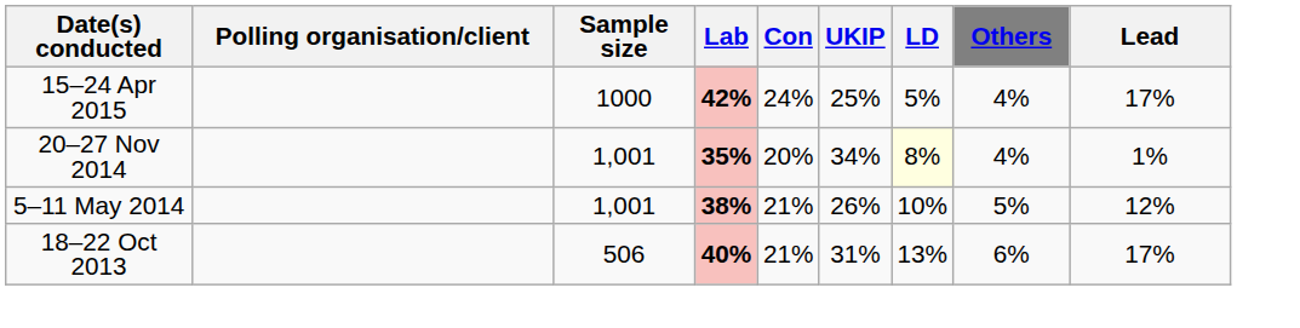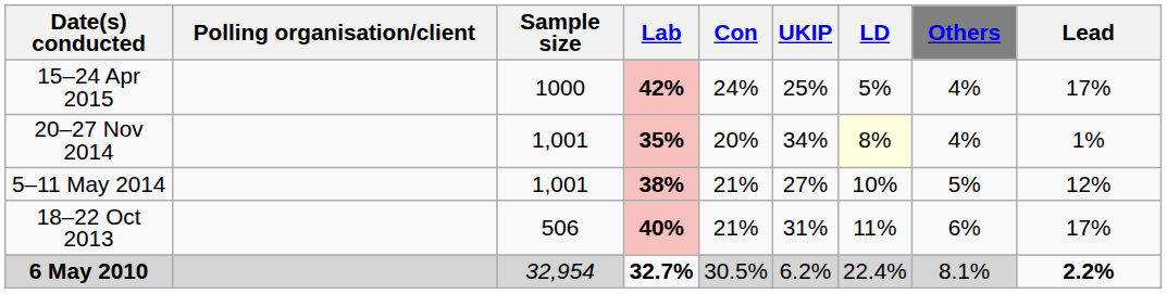 <table class="wikitable sortable" style="text-align:center;font-size:90%;line-height:14px">
 <tr>
 <th ! style="width:100px;">Date(s)<br>conducted</th>
 <th style="width:200px;">Polling organisation/client</th>
 <th class="unsortable" style="width:75px;">Sample size</th>
 <th class="unsortable" style="background:"><a href='#'><span>Lab</span></a></th>
 <th class="unsortable" style="background:"><a href='#'><span>Con</span></a></th>
 <th class="unsortable" style="background:"><a href='#'><span>UKIP</span></a></th>
 <th class="unsortable" style="background:"><a href='#'><span>LD</span></a></th>
 <th class="unsortable" style="background:gray; width:60px;"><a href='#'><span>Others</span></a></th>
 <th class="unsortable" style="width:85px;">Lead</th>
 </tr>
 <tr>
 <td>15–24 Apr 2015</td>
 <td></td>
 <td>1000</td>
 <td style="background:#F8C1BE"><strong>42%</strong></td>
 <td>24%</td>
 <td>25%</td>
 <td>5%</td>
 <td>4%</td>
 <td style="background:">17%</td>
 </tr>
 <tr>
 <td>20–27 Nov 2014</td>
 <td></td>
 <td>1,001</td>
 <td style="background:#F8C1BE"><strong>35%</strong></td>
 <td>20%</td>
 <td>34%</td>
 <td style="background: lightyellow;">8%</td>
 <td>4%</td>
 <td style="background:">1%</td>
 </tr>
 <tr>
 <td>5–11 May 2014</td>
 <td></td>
 <td>1,001</td>
 <td style="background:#F8C1BE"><strong>38%</strong></td>
 <td>21%</td>
-<td>26%</td>
+<td>27%</td>
 <td>10%</td>
 <td>5%</td>
 <td style="background:">12%</td>
 </tr>
 <tr>
 <td>18–22 Oct 2013</td>
 <td></td>
 <td>506</td>
 <td style="background:#F8C1BE"><strong>40%</strong></td>
 <td>21%</td>
 <td>31%</td>
-<td>13%</td>
+<td>11%</td>
 <td>6%</td>
 <td style="background:">17%</td>
 </tr>
+<tr>
+<td style="background:#D5D5D5"><strong>6 May 2010</strong></td>
+<td style="background:#D5D5D5"></td>
+<td style="background:#D5D5D5"><em>32,954</em></td>
+<td style="background:"><strong>32.7%</strong></td>
+<td style="background:#D5D5D5">30.5%</td>
+<td style="background:#D5D5D5">6.2%</td>
+<td style="background:#D5D5D5">22.4%</td>
+<td style="background:#D5D5D5">8.1%</td>
+<td style="background:"><strong>2.2% </strong></td>
+</tr>
 </table>
